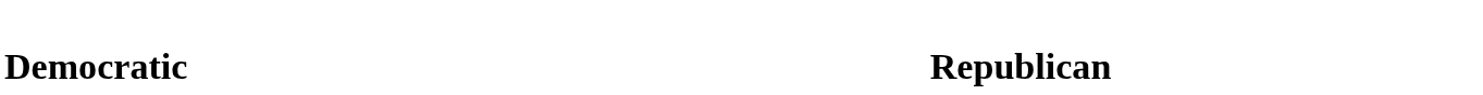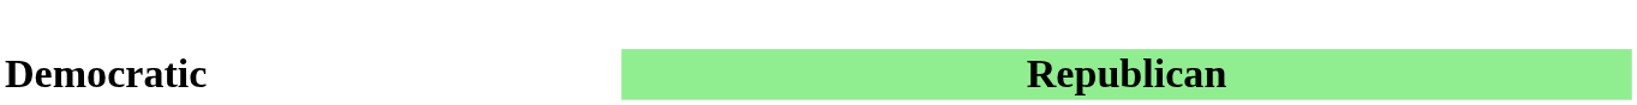 <table style="width:50em; text-align:center;">
 <tr style="color:white;">
 <td style="background:"><strong>45</strong></td>
 <td style="background:"><strong>55</strong></td>
 </tr>
 <tr>
 <td><span><strong>Democratic</strong></span></td>
-<td><span><strong>Republican</strong></span></td>
+<td style="background: lightgreen;"><span><strong>Republican</strong></span></td>
 </tr>
 </table>
